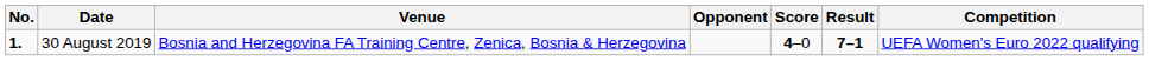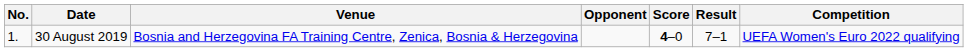 <table class="wikitable">
 <tr>
 <th>No.</th>
 <th>Date</th>
 <th>Venue</th>
 <th>Opponent</th>
 <th>Score</th>
 <th>Result</th>
 <th>Competition</th>
 </tr>
 <tr>
-<td><strong>1.</strong></td>
+<td>1.</td>
 <td>30 August 2019</td>
 <td rowspan=2><a href='#'>Bosnia and Herzegovina FA Training Centre</a>, <a href='#'>Zenica</a>, <a href='#'>Bosnia & Herzegovina</a></td>
 <td></td>
 <td align=center><strong>4</strong>–0</td>
-<td align=center><strong>7–1</strong></td>
+<td align=center>7–1</td>
 <td><a href='#'>UEFA Women's Euro 2022 qualifying</a></td>
 </tr>
 </table>
